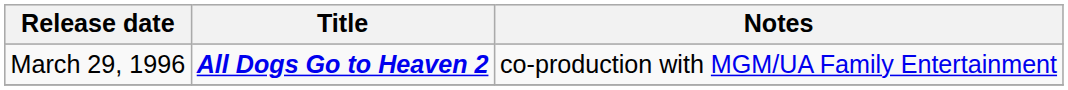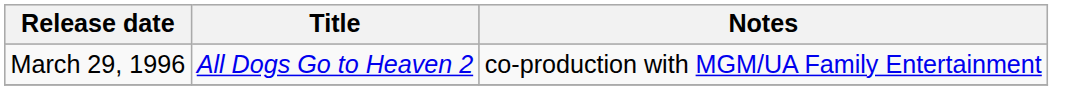 <table class="wikitable sortable">
 <tr>
 <th>Release date</th>
 <th>Title</th>
 <th>Notes</th>
 </tr>
 <tr>
 <td align="right">March 29, 1996</td>
-<td><strong><em><a href='#'>All Dogs Go to Heaven 2</a></em></strong></td>
+<td><em><a href='#'>All Dogs Go to Heaven 2</a></em></td>
 <td>co-production with <a href='#'>MGM/UA Family Entertainment</a></td>
 </tr>
 <tr>
 </tr>
 </table>
